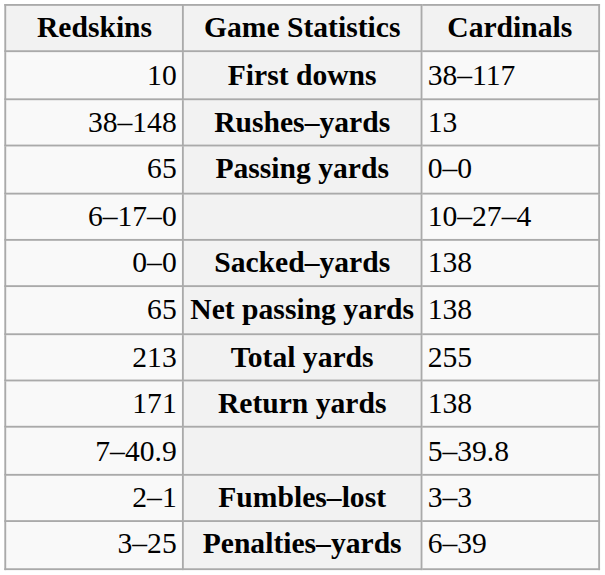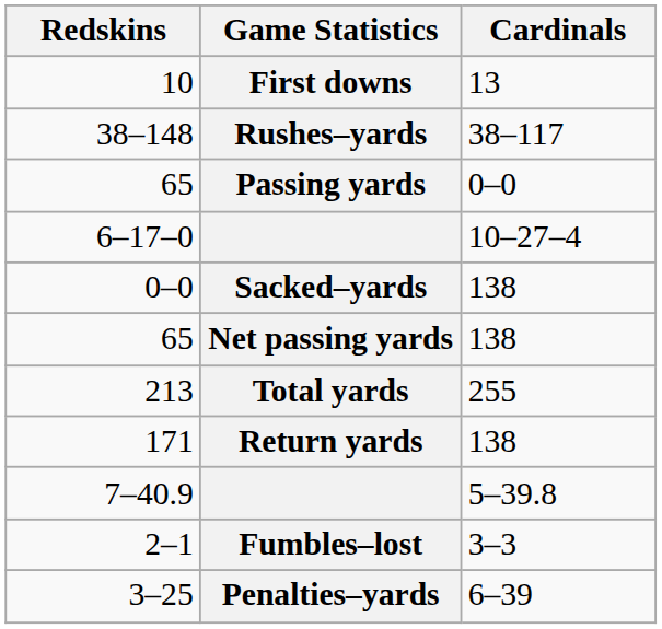 <table class="wikitable" style="margin: 1em auto 1em auto">
 <tr>
 <th style="width:30%;">Redskins</th>
 <th style="width:40%;">Game Statistics</th>
 <th style="width:30%;">Cardinals</th>
 </tr>
 <tr>
 <td style="text-align:right;">10</td>
 <th>First downs</th>
-<td>38–117</td>
+<td>13</td>
 </tr>
 <tr>
 <td style="text-align:right;">38–148</td>
 <th>Rushes–yards</th>
-<td>13</td>
+<td>38–117</td>
 </tr>
 <tr>
 <td style="text-align:right;">65</td>
 <th>Passing yards</th>
 <td>0–0</td>
 </tr>
 <tr>
 <td style="text-align:right;">6–17–0</td>
 <th></th>
 <td>10–27–4</td>
 </tr>
 <tr>
 <td style="text-align:right;">0–0</td>
 <th>Sacked–yards</th>
 <td>138</td>
 </tr>
 <tr>
 <td style="text-align:right;">65</td>
 <th>Net passing yards</th>
 <td>138</td>
 </tr>
 <tr>
 <td style="text-align:right;">213</td>
 <th>Total yards</th>
 <td>255</td>
 </tr>
 <tr>
 <td style="text-align:right;">171</td>
 <th>Return yards</th>
 <td>138</td>
 </tr>
 <tr>
 <td style="text-align:right;">7–40.9</td>
 <th></th>
 <td>5–39.8</td>
 </tr>
 <tr>
 <td style="text-align:right;">2–1</td>
 <th>Fumbles–lost</th>
 <td>3–3</td>
 </tr>
 <tr>
 <td style="text-align:right;">3–25</td>
 <th>Penalties–yards</th>
 <td>6–39</td>
 </tr>
 </table>
